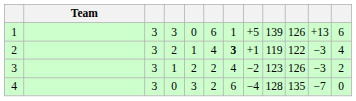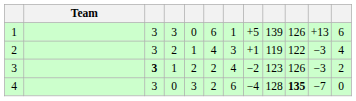 <table class=wikitable style="text-align: center;">
 <tr>
 <th style="width: 20px;"></th>
 <th style="width: 160px;">Team</th>
 <th style="width: 20px;"></th>
 <th style="width: 20px;"></th>
 <th style="width: 20px;"></th>
 <th style="width: 20px;"></th>
 <th style="width: 20px;"></th>
 <th style="width: 20px;"></th>
 <th style="width: 20px;"></th>
 <th style="width: 20px;"></th>
 <th style="width: 20px;"></th>
 <th style="width: 20px;"></th>
 </tr>
 <tr style="background: #CCFFCC;">
 <td>1</td>
 <td style="text-align: left;"></td>
 <td>3</td>
 <td>3</td>
 <td>0</td>
 <td>6</td>
 <td>1</td>
 <td>+5</td>
 <td>139</td>
 <td>126</td>
 <td>+13</td>
 <td>6</td>
 </tr>
 <tr style="background: #CCFFCC;">
 <td>2</td>
 <td style="text-align: left;"></td>
 <td>3</td>
 <td>2</td>
 <td>1</td>
 <td>4</td>
-<td><strong>3</strong></td>
+<td>3</td>
 <td>+1</td>
 <td>119</td>
 <td>122</td>
 <td>−3</td>
 <td>4</td>
 </tr>
 <tr style="background: #CCFFCC;">
 <td>3</td>
 <td style="text-align: left;"></td>
-<td>3</td>
+<td><strong>3</strong></td>
 <td>1</td>
 <td>2</td>
 <td>2</td>
 <td>4</td>
 <td>−2</td>
 <td>123</td>
 <td>126</td>
 <td>−3</td>
 <td>2</td>
 </tr>
 <tr style="background: #CCFFCC;">
 <td>4</td>
 <td style="text-align: left;"></td>
 <td>3</td>
 <td>0</td>
 <td>3</td>
 <td>2</td>
 <td>6</td>
 <td>−4</td>
 <td>128</td>
-<td>135</td>
+<td><strong>135</strong></td>
 <td>−7</td>
 <td>0</td>
 </tr>
 </table>
